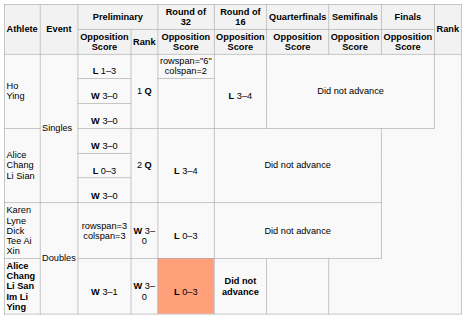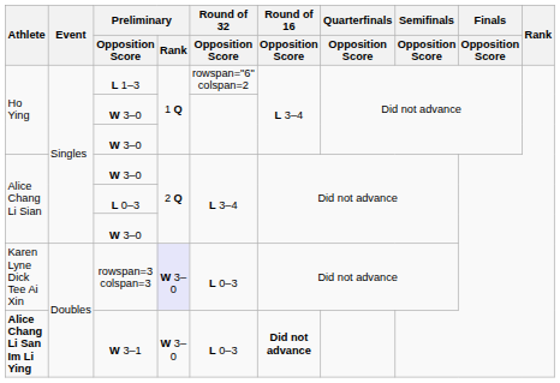 <table class="wikitable" style="font-size: 90%">
 <tr>
 <th rowspan="2">Athlete</th>
 <th rowspan="2">Event</th>
 <th colspan="2">Preliminary</th>
 <th>Round of 32</th>
 <th>Round of 16</th>
 <th>Quarterfinals</th>
 <th>Semifinals</th>
 <th>Finals</th>
 <th rowspan="2">Rank</th>
 </tr>
 <tr>
 <th>Opposition<br>Score</th>
 <th>Rank</th>
 <th>Opposition<br>Score</th>
 <th>Opposition<br>Score</th>
 <th>Opposition<br>Score</th>
 <th>Opposition<br>Score</th>
 <th>Opposition<br>Score</th>
 </tr>
 <tr align="center">
 <td align="left" rowspan="3">Ho Ying</td>
 <td align="left" rowspan="6">Singles</td>
 <td><br><strong>L</strong> 1–3</td>
 <td rowspan="3">1 <strong>Q</strong></td>
 <td>rowspan="6" colspan=2 </td>
 <td rowspan="3"><br><strong>L</strong> 3–4</td>
 <td rowspan="3" colspan=3>Did not advance</td>
 </tr>
 <tr align="center">
 <td><br><strong>W</strong> 3–0</td>
 </tr>
 <tr align="center">
 <td><br><strong>W</strong> 3–0</td>
 </tr>
 <tr align="center">
 <td align="left" rowspan="3">Alice Chang Li Sian</td>
 <td><br><strong>W</strong> 3–0</td>
 <td rowspan="3">2 <strong>Q</strong></td>
 <td rowspan="3"><br><strong>L</strong> 3–4</td>
 <td rowspan="3" colspan=3>Did not advance</td>
 </tr>
 <tr align="center">
 <td><br><strong>L</strong> 0–3</td>
 </tr>
 <tr align="center">
 <td><br><strong>W</strong> 3–0</td>
 </tr>
 <tr align="center">
 <td align="left">Karen Lyne Dick<br>Tee Ai Xin</td>
 <td align="left" rowspan="2">Doubles</td>
 <td>rowspan=3 colspan=3 </td>
-<td><br><strong>W</strong> 3–0</td>
+<td style="background: lavender;"><br><strong>W</strong> 3–0</td>
 <td><br><strong>L</strong> 0–3</td>
 <td colspan=3>Did not advance</td>
 </tr>
 <tr align="center">
 <td align="left"><strong>Alice Chang Li San<br>Im Li Ying</strong></td>
 <td><br><strong>W</strong> 3–1</td>
 <td><br><strong>W</strong> 3–0</td>
-<td style="background: lightsalmon;"><br><strong>L</strong> 0–3</td>
+<td><br><strong>L</strong> 0–3</td>
 <td><strong>Did not advance</strong></td>
 <td></td>
 </tr>
 </table>
